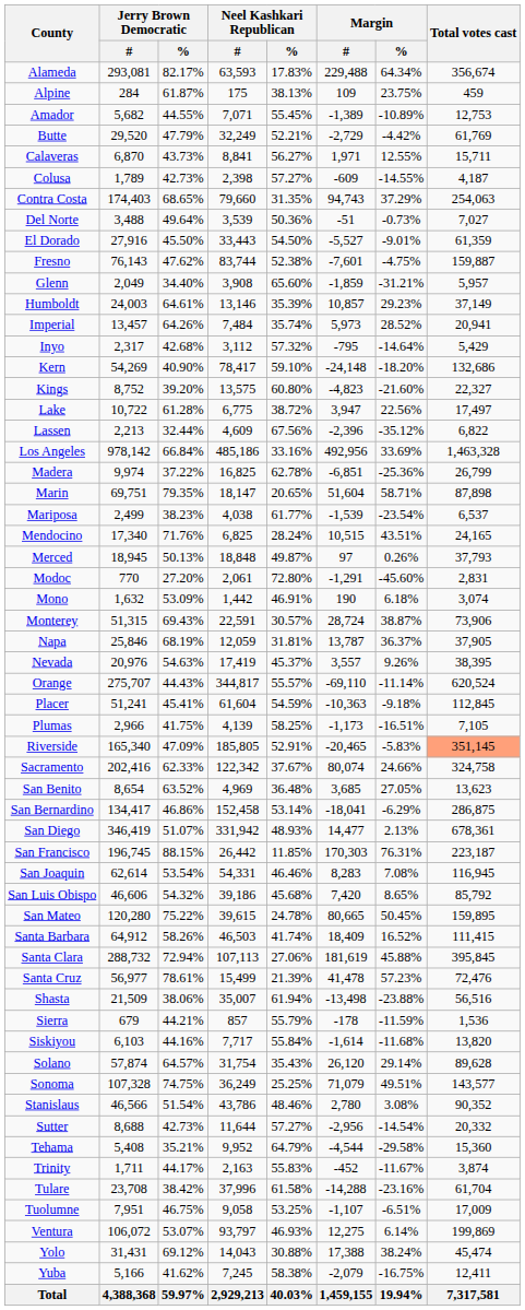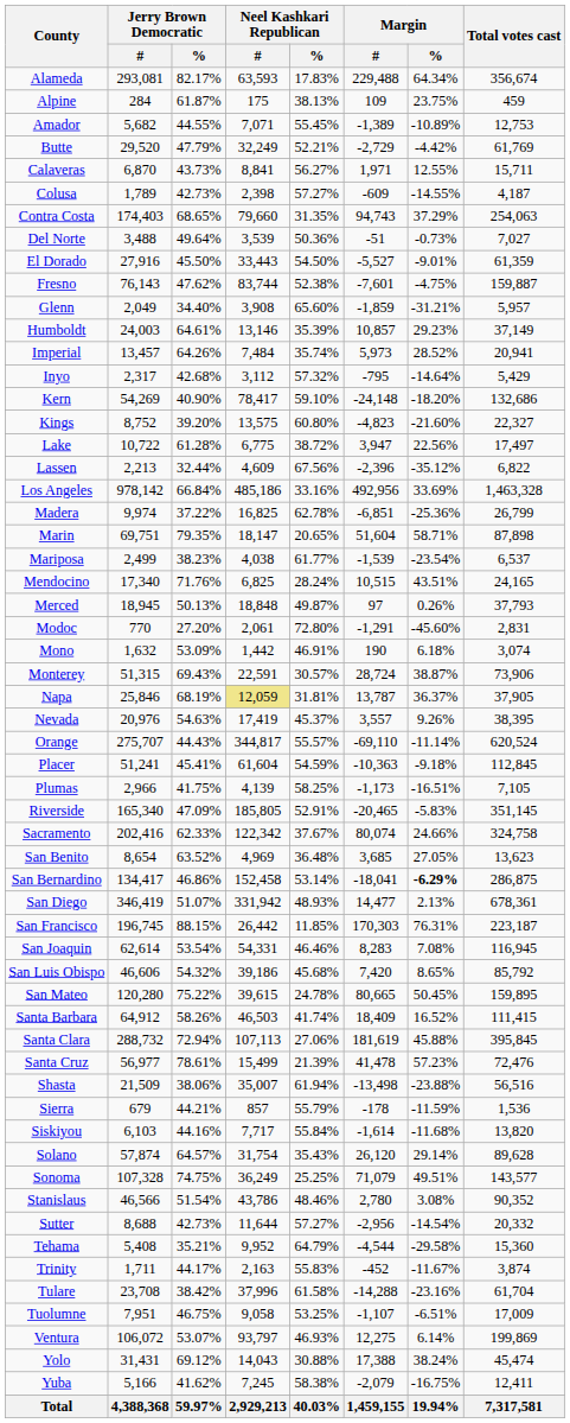 <table class="wikitable sortable" style="text-align:center">
 <tr>
 <th rowspan="2">County</th>
 <th style="text-align:center;" colspan="2">Jerry Brown<br>Democratic</th>
 <th style="text-align:center;" colspan="2">Neel Kashkari<br>Republican</th>
 <th style="text-align:center;" colspan="2">Margin</th>
 <th style="text-align:center;" rowspan="2">Total votes cast</th>
 </tr>
 <tr>
 <th style="text-align:center;" data-sort-type="number">#</th>
 <th style="text-align:center;" data-sort-type="number">%</th>
 <th style="text-align:center;" data-sort-type="number">#</th>
 <th style="text-align:center;" data-sort-type="number">%</th>
 <th style="text-align:center;" data-sort-type="number">#</th>
 <th style="text-align:center;" data-sort-type="number">%</th>
 </tr>
 <tr style="text-align:center;">
 <td><a href='#'>Alameda</a></td>
 <td>293,081</td>
 <td>82.17%</td>
 <td>63,593</td>
 <td>17.83%</td>
 <td>229,488</td>
 <td>64.34%</td>
 <td>356,674</td>
 </tr>
 <tr style="text-align:center;">
 <td><a href='#'>Alpine</a></td>
 <td>284</td>
 <td>61.87%</td>
 <td>175</td>
 <td>38.13%</td>
 <td>109</td>
 <td>23.75%</td>
 <td>459</td>
 </tr>
 <tr style="text-align:center;">
 <td><a href='#'>Amador</a></td>
 <td>5,682</td>
 <td>44.55%</td>
 <td>7,071</td>
 <td>55.45%</td>
 <td>-1,389</td>
 <td>-10.89%</td>
 <td>12,753</td>
 </tr>
 <tr style="text-align:center;">
 <td><a href='#'>Butte</a></td>
 <td>29,520</td>
 <td>47.79%</td>
 <td>32,249</td>
 <td>52.21%</td>
 <td>-2,729</td>
 <td>-4.42%</td>
 <td>61,769</td>
 </tr>
 <tr style="text-align:center;">
 <td><a href='#'>Calaveras</a></td>
 <td>6,870</td>
 <td>43.73%</td>
 <td>8,841</td>
 <td>56.27%</td>
 <td>1,971</td>
 <td>12.55%</td>
 <td>15,711</td>
 </tr>
 <tr style="text-align:center;">
 <td><a href='#'>Colusa</a></td>
 <td>1,789</td>
 <td>42.73%</td>
 <td>2,398</td>
 <td>57.27%</td>
 <td>-609</td>
 <td>-14.55%</td>
 <td>4,187</td>
 </tr>
 <tr style="text-align:center;">
 <td><a href='#'>Contra Costa</a></td>
 <td>174,403</td>
 <td>68.65%</td>
 <td>79,660</td>
 <td>31.35%</td>
 <td>94,743</td>
 <td>37.29%</td>
 <td>254,063</td>
 </tr>
 <tr style="text-align:center;">
 <td><a href='#'>Del Norte</a></td>
 <td>3,488</td>
 <td>49.64%</td>
 <td>3,539</td>
 <td>50.36%</td>
 <td>-51</td>
 <td>-0.73%</td>
 <td>7,027</td>
 </tr>
 <tr style="text-align:center;">
 <td><a href='#'>El Dorado</a></td>
 <td>27,916</td>
 <td>45.50%</td>
 <td>33,443</td>
 <td>54.50%</td>
 <td>-5,527</td>
 <td>-9.01%</td>
 <td>61,359</td>
 </tr>
 <tr style="text-align:center;">
 <td><a href='#'>Fresno</a></td>
 <td>76,143</td>
 <td>47.62%</td>
 <td>83,744</td>
 <td>52.38%</td>
 <td>-7,601</td>
 <td>-4.75%</td>
 <td>159,887</td>
 </tr>
 <tr style="text-align:center;">
 <td><a href='#'>Glenn</a></td>
 <td>2,049</td>
 <td>34.40%</td>
 <td>3,908</td>
 <td>65.60%</td>
 <td>-1,859</td>
 <td>-31.21%</td>
 <td>5,957</td>
 </tr>
 <tr style="text-align:center;">
 <td><a href='#'>Humboldt</a></td>
 <td>24,003</td>
 <td>64.61%</td>
 <td>13,146</td>
 <td>35.39%</td>
 <td>10,857</td>
 <td>29.23%</td>
 <td>37,149</td>
 </tr>
 <tr style="text-align:center;">
 <td><a href='#'>Imperial</a></td>
 <td>13,457</td>
 <td>64.26%</td>
 <td>7,484</td>
 <td>35.74%</td>
 <td>5,973</td>
 <td>28.52%</td>
 <td>20,941</td>
 </tr>
 <tr style="text-align:center;">
 <td><a href='#'>Inyo</a></td>
 <td>2,317</td>
 <td>42.68%</td>
 <td>3,112</td>
 <td>57.32%</td>
 <td>-795</td>
 <td>-14.64%</td>
 <td>5,429</td>
 </tr>
 <tr style="text-align:center;">
 <td><a href='#'>Kern</a></td>
 <td>54,269</td>
 <td>40.90%</td>
 <td>78,417</td>
 <td>59.10%</td>
 <td>-24,148</td>
 <td>-18.20%</td>
 <td>132,686</td>
 </tr>
 <tr style="text-align:center;">
 <td><a href='#'>Kings</a></td>
 <td>8,752</td>
 <td>39.20%</td>
 <td>13,575</td>
 <td>60.80%</td>
 <td>-4,823</td>
 <td>-21.60%</td>
 <td>22,327</td>
 </tr>
 <tr style="text-align:center;">
 <td><a href='#'>Lake</a></td>
 <td>10,722</td>
 <td>61.28%</td>
 <td>6,775</td>
 <td>38.72%</td>
 <td>3,947</td>
 <td>22.56%</td>
 <td>17,497</td>
 </tr>
 <tr style="text-align:center;">
 <td><a href='#'>Lassen</a></td>
 <td>2,213</td>
 <td>32.44%</td>
 <td>4,609</td>
 <td>67.56%</td>
 <td>-2,396</td>
 <td>-35.12%</td>
 <td>6,822</td>
 </tr>
 <tr style="text-align:center;">
 <td><a href='#'>Los Angeles</a></td>
 <td>978,142</td>
 <td>66.84%</td>
 <td>485,186</td>
 <td>33.16%</td>
 <td>492,956</td>
 <td>33.69%</td>
 <td>1,463,328</td>
 </tr>
 <tr style="text-align:center;">
 <td><a href='#'>Madera</a></td>
 <td>9,974</td>
 <td>37.22%</td>
 <td>16,825</td>
 <td>62.78%</td>
 <td>-6,851</td>
 <td>-25.36%</td>
 <td>26,799</td>
 </tr>
 <tr style="text-align:center;">
 <td><a href='#'>Marin</a></td>
 <td>69,751</td>
 <td>79.35%</td>
 <td>18,147</td>
 <td>20.65%</td>
 <td>51,604</td>
 <td>58.71%</td>
 <td>87,898</td>
 </tr>
 <tr style="text-align:center;">
 <td><a href='#'>Mariposa</a></td>
 <td>2,499</td>
 <td>38.23%</td>
 <td>4,038</td>
 <td>61.77%</td>
 <td>-1,539</td>
 <td>-23.54%</td>
 <td>6,537</td>
 </tr>
 <tr style="text-align:center;">
 <td><a href='#'>Mendocino</a></td>
 <td>17,340</td>
 <td>71.76%</td>
 <td>6,825</td>
 <td>28.24%</td>
 <td>10,515</td>
 <td>43.51%</td>
 <td>24,165</td>
 </tr>
 <tr style="text-align:center;">
 <td><a href='#'>Merced</a></td>
 <td>18,945</td>
 <td>50.13%</td>
 <td>18,848</td>
 <td>49.87%</td>
 <td>97</td>
 <td>0.26%</td>
 <td>37,793</td>
 </tr>
 <tr style="text-align:center;">
 <td><a href='#'>Modoc</a></td>
 <td>770</td>
 <td>27.20%</td>
 <td>2,061</td>
 <td>72.80%</td>
 <td>-1,291</td>
 <td>-45.60%</td>
 <td>2,831</td>
 </tr>
 <tr style="text-align:center;">
 <td><a href='#'>Mono</a></td>
 <td>1,632</td>
 <td>53.09%</td>
 <td>1,442</td>
 <td>46.91%</td>
 <td>190</td>
 <td>6.18%</td>
 <td>3,074</td>
 </tr>
 <tr style="text-align:center;">
 <td><a href='#'>Monterey</a></td>
 <td>51,315</td>
 <td>69.43%</td>
 <td>22,591</td>
 <td>30.57%</td>
 <td>28,724</td>
 <td>38.87%</td>
 <td>73,906</td>
 </tr>
 <tr style="text-align:center;">
 <td><a href='#'>Napa</a></td>
 <td>25,846</td>
 <td>68.19%</td>
-<td>12,059</td>
+<td style="background: khaki;">12,059</td>
 <td>31.81%</td>
 <td>13,787</td>
 <td>36.37%</td>
 <td>37,905</td>
 </tr>
 <tr style="text-align:center;">
 <td><a href='#'>Nevada</a></td>
 <td>20,976</td>
 <td>54.63%</td>
 <td>17,419</td>
 <td>45.37%</td>
 <td>3,557</td>
 <td>9.26%</td>
 <td>38,395</td>
 </tr>
 <tr style="text-align:center;">
 <td><a href='#'>Orange</a></td>
 <td>275,707</td>
 <td>44.43%</td>
 <td>344,817</td>
 <td>55.57%</td>
 <td>-69,110</td>
 <td>-11.14%</td>
 <td>620,524</td>
 </tr>
 <tr style="text-align:center;">
 <td><a href='#'>Placer</a></td>
 <td>51,241</td>
 <td>45.41%</td>
 <td>61,604</td>
 <td>54.59%</td>
 <td>-10,363</td>
 <td>-9.18%</td>
 <td>112,845</td>
 </tr>
 <tr style="text-align:center;">
 <td><a href='#'>Plumas</a></td>
 <td>2,966</td>
 <td>41.75%</td>
 <td>4,139</td>
 <td>58.25%</td>
 <td>-1,173</td>
 <td>-16.51%</td>
 <td>7,105</td>
 </tr>
 <tr style="text-align:center;">
 <td><a href='#'>Riverside</a></td>
 <td>165,340</td>
 <td>47.09%</td>
 <td>185,805</td>
 <td>52.91%</td>
 <td>-20,465</td>
 <td>-5.83%</td>
-<td style="background: lightsalmon;">351,145</td>
+<td>351,145</td>
 </tr>
 <tr style="text-align:center;">
 <td><a href='#'>Sacramento</a></td>
 <td>202,416</td>
 <td>62.33%</td>
 <td>122,342</td>
 <td>37.67%</td>
 <td>80,074</td>
 <td>24.66%</td>
 <td>324,758</td>
 </tr>
 <tr style="text-align:center;">
 <td><a href='#'>San Benito</a></td>
 <td>8,654</td>
 <td>63.52%</td>
 <td>4,969</td>
 <td>36.48%</td>
 <td>3,685</td>
 <td>27.05%</td>
 <td>13,623</td>
 </tr>
 <tr style="text-align:center;">
 <td><a href='#'>San Bernardino</a></td>
 <td>134,417</td>
 <td>46.86%</td>
 <td>152,458</td>
 <td>53.14%</td>
 <td>-18,041</td>
-<td>-6.29%</td>
+<td><strong>-6.29%</strong></td>
 <td>286,875</td>
 </tr>
 <tr style="text-align:center;">
 <td><a href='#'>San Diego</a></td>
 <td>346,419</td>
 <td>51.07%</td>
 <td>331,942</td>
 <td>48.93%</td>
 <td>14,477</td>
 <td>2.13%</td>
 <td>678,361</td>
 </tr>
 <tr style="text-align:center;">
 <td><a href='#'>San Francisco</a></td>
 <td>196,745</td>
 <td>88.15%</td>
 <td>26,442</td>
 <td>11.85%</td>
 <td>170,303</td>
 <td>76.31%</td>
 <td>223,187</td>
 </tr>
 <tr style="text-align:center;">
 <td><a href='#'>San Joaquin</a></td>
 <td>62,614</td>
 <td>53.54%</td>
 <td>54,331</td>
 <td>46.46%</td>
 <td>8,283</td>
 <td>7.08%</td>
 <td>116,945</td>
 </tr>
 <tr style="text-align:center;">
 <td><a href='#'>San Luis Obispo</a></td>
 <td>46,606</td>
 <td>54.32%</td>
 <td>39,186</td>
 <td>45.68%</td>
 <td>7,420</td>
 <td>8.65%</td>
 <td>85,792</td>
 </tr>
 <tr style="text-align:center;">
 <td><a href='#'>San Mateo</a></td>
 <td>120,280</td>
 <td>75.22%</td>
 <td>39,615</td>
 <td>24.78%</td>
 <td>80,665</td>
 <td>50.45%</td>
 <td>159,895</td>
 </tr>
 <tr style="text-align:center;">
 <td><a href='#'>Santa Barbara</a></td>
 <td>64,912</td>
 <td>58.26%</td>
 <td>46,503</td>
 <td>41.74%</td>
 <td>18,409</td>
 <td>16.52%</td>
 <td>111,415</td>
 </tr>
 <tr style="text-align:center;">
 <td><a href='#'>Santa Clara</a></td>
 <td>288,732</td>
 <td>72.94%</td>
 <td>107,113</td>
 <td>27.06%</td>
 <td>181,619</td>
 <td>45.88%</td>
 <td>395,845</td>
 </tr>
 <tr style="text-align:center;">
 <td><a href='#'>Santa Cruz</a></td>
 <td>56,977</td>
 <td>78.61%</td>
 <td>15,499</td>
 <td>21.39%</td>
 <td>41,478</td>
 <td>57.23%</td>
 <td>72,476</td>
 </tr>
 <tr style="text-align:center;">
 <td><a href='#'>Shasta</a></td>
 <td>21,509</td>
 <td>38.06%</td>
 <td>35,007</td>
 <td>61.94%</td>
 <td>-13,498</td>
 <td>-23.88%</td>
 <td>56,516</td>
 </tr>
 <tr style="text-align:center;">
 <td><a href='#'>Sierra</a></td>
 <td>679</td>
 <td>44.21%</td>
 <td>857</td>
 <td>55.79%</td>
 <td>-178</td>
 <td>-11.59%</td>
 <td>1,536</td>
 </tr>
 <tr style="text-align:center;">
 <td><a href='#'>Siskiyou</a></td>
 <td>6,103</td>
 <td>44.16%</td>
 <td>7,717</td>
 <td>55.84%</td>
 <td>-1,614</td>
 <td>-11.68%</td>
 <td>13,820</td>
 </tr>
 <tr style="text-align:center;">
 <td><a href='#'>Solano</a></td>
 <td>57,874</td>
 <td>64.57%</td>
 <td>31,754</td>
 <td>35.43%</td>
 <td>26,120</td>
 <td>29.14%</td>
 <td>89,628</td>
 </tr>
 <tr style="text-align:center;">
 <td><a href='#'>Sonoma</a></td>
 <td>107,328</td>
 <td>74.75%</td>
 <td>36,249</td>
 <td>25.25%</td>
 <td>71,079</td>
 <td>49.51%</td>
 <td>143,577</td>
 </tr>
 <tr style="text-align:center;">
 <td><a href='#'>Stanislaus</a></td>
 <td>46,566</td>
 <td>51.54%</td>
 <td>43,786</td>
 <td>48.46%</td>
 <td>2,780</td>
 <td>3.08%</td>
 <td>90,352</td>
 </tr>
 <tr style="text-align:center;">
 <td><a href='#'>Sutter</a></td>
 <td>8,688</td>
 <td>42.73%</td>
 <td>11,644</td>
 <td>57.27%</td>
 <td>-2,956</td>
 <td>-14.54%</td>
 <td>20,332</td>
 </tr>
 <tr style="text-align:center;">
 <td><a href='#'>Tehama</a></td>
 <td>5,408</td>
 <td>35.21%</td>
 <td>9,952</td>
 <td>64.79%</td>
 <td>-4,544</td>
 <td>-29.58%</td>
 <td>15,360</td>
 </tr>
 <tr style="text-align:center;">
 <td><a href='#'>Trinity</a></td>
 <td>1,711</td>
 <td>44.17%</td>
 <td>2,163</td>
 <td>55.83%</td>
 <td>-452</td>
 <td>-11.67%</td>
 <td>3,874</td>
 </tr>
 <tr style="text-align:center;">
 <td><a href='#'>Tulare</a></td>
 <td>23,708</td>
 <td>38.42%</td>
 <td>37,996</td>
 <td>61.58%</td>
 <td>-14,288</td>
 <td>-23.16%</td>
 <td>61,704</td>
 </tr>
 <tr style="text-align:center;">
 <td><a href='#'>Tuolumne</a></td>
 <td>7,951</td>
 <td>46.75%</td>
 <td>9,058</td>
 <td>53.25%</td>
 <td>-1,107</td>
 <td>-6.51%</td>
 <td>17,009</td>
 </tr>
 <tr style="text-align:center;">
 <td><a href='#'>Ventura</a></td>
 <td>106,072</td>
 <td>53.07%</td>
 <td>93,797</td>
 <td>46.93%</td>
 <td>12,275</td>
 <td>6.14%</td>
 <td>199,869</td>
 </tr>
 <tr style="text-align:center;">
 <td><a href='#'>Yolo</a></td>
 <td>31,431</td>
 <td>69.12%</td>
 <td>14,043</td>
 <td>30.88%</td>
 <td>17,388</td>
 <td>38.24%</td>
 <td>45,474</td>
 </tr>
 <tr style="text-align:center;">
 <td><a href='#'>Yuba</a></td>
 <td>5,166</td>
 <td>41.62%</td>
 <td>7,245</td>
 <td>58.38%</td>
 <td>-2,079</td>
 <td>-16.75%</td>
 <td>12,411</td>
 </tr>
 <tr style="text-align:center;">
 <th>Total</th>
 <th>4,388,368</th>
 <th>59.97%</th>
 <th>2,929,213</th>
 <th>40.03%</th>
 <th>1,459,155</th>
 <th>19.94%</th>
 <th>7,317,581</th>
 </tr>
 </table>
